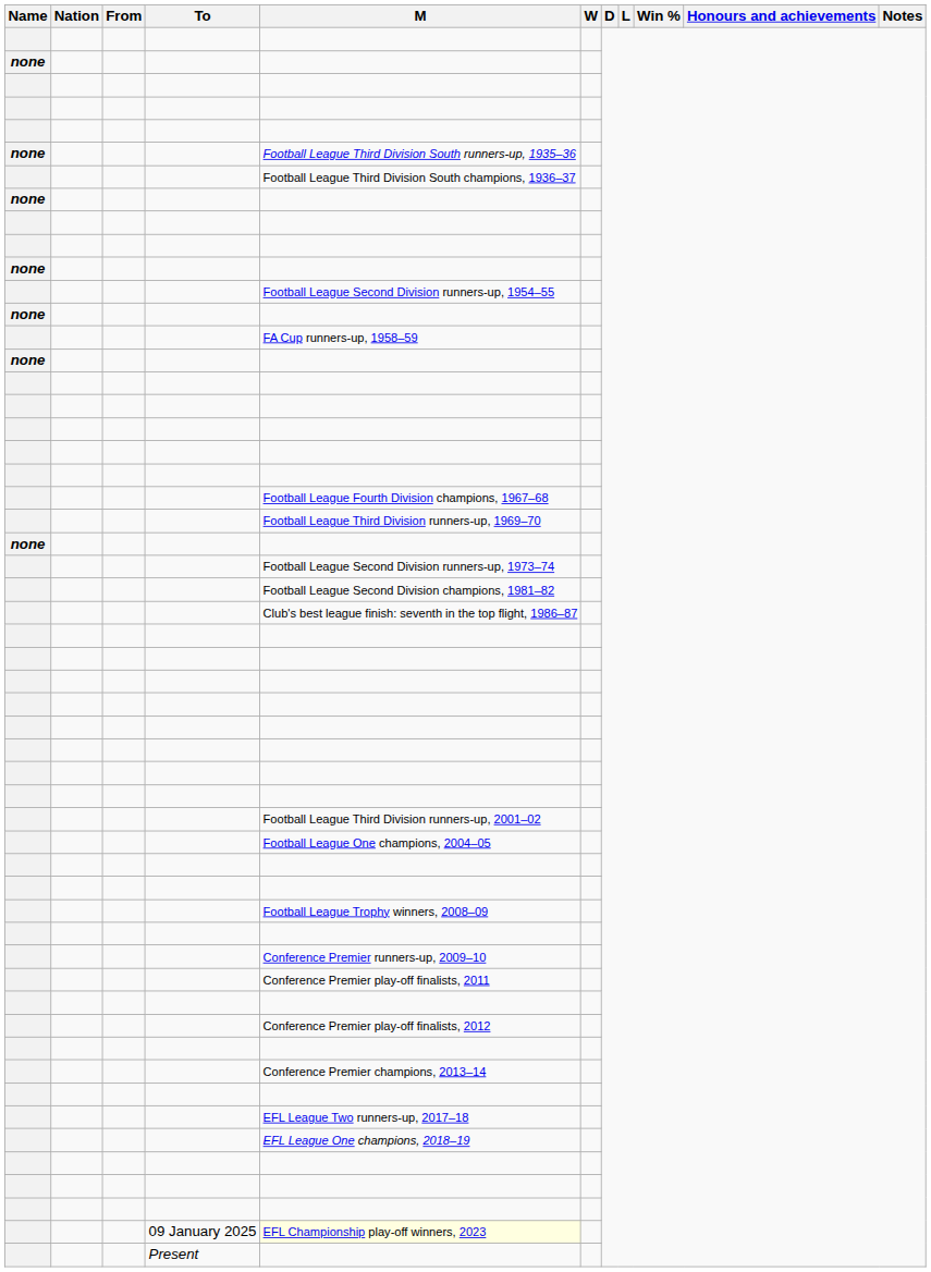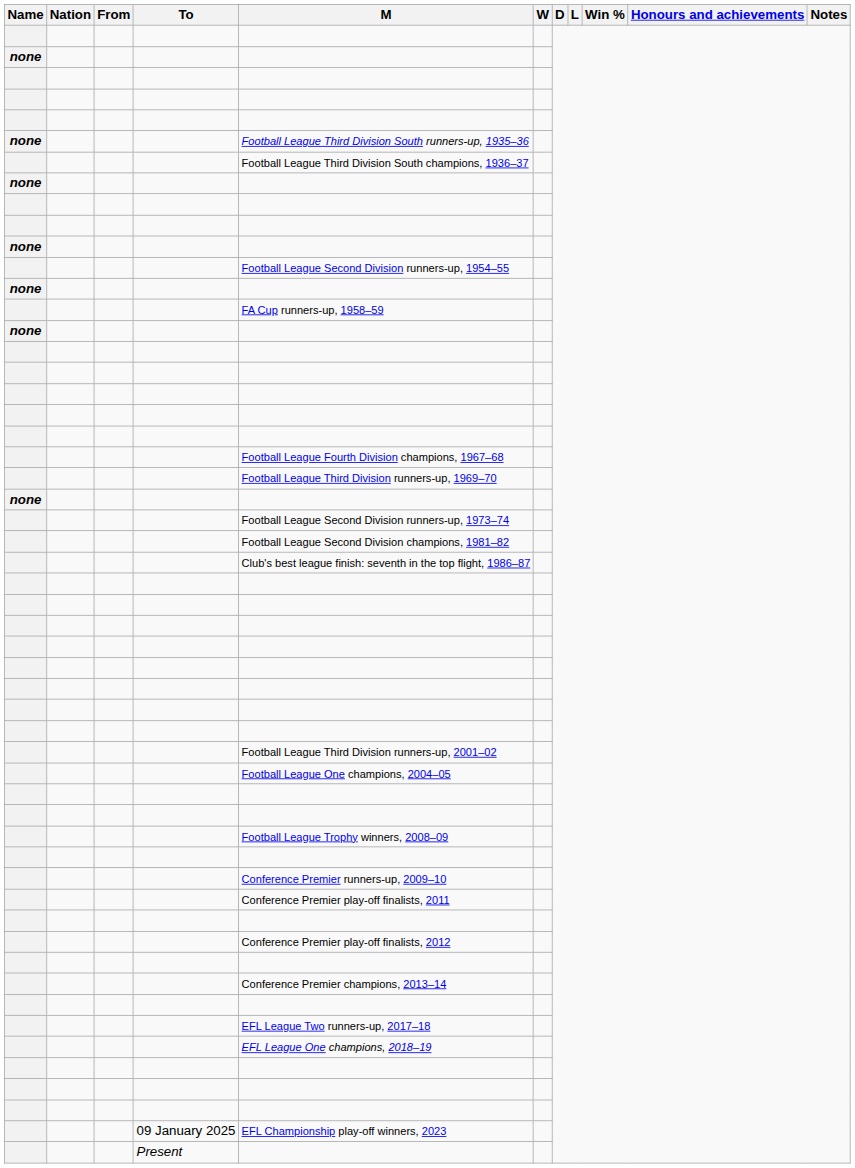 <table class="wikitable sortable plainrowheaders" style="text-align: center">
 <tr>
 <th scope=col>Name</th>
 <th scope=col>Nation</th>
 <th scope=col>From</th>
 <th scope=col class="unsortable">To</th>
 <th scope=col>M</th>
 <th scope=col>W</th>
 <th scope=col>D</th>
 <th scope=col>L</th>
 <th scope=col>Win %</th>
 <th scope=col class="unsortable"><a href='#'>Honours and achievements</a></th>
 <th scope=col class="unsortable">Notes</th>
 </tr>
 <tr>
 <th align=left scope=row></th>
 <td align=left></td>
 <td align=left></td>
 <td align=left><br></td>
 <td align=left></td>
 <td></td>
 </tr>
 <tr class="sortbottom" |- style="font-style:italic">
 <th align=left scope=row>none</th>
 <td align=left></td>
 <td align=left></td>
 <td align=left><br></td>
 <td align=left></td>
 <td></td>
 </tr>
 <tr>
 <th align=left scope=row></th>
 <td align=left></td>
 <td align=left></td>
 <td align=left><br></td>
 <td align=left></td>
 <td></td>
 </tr>
 <tr>
 <th align=left scope=row></th>
 <td align=left></td>
 <td align=left></td>
 <td align=left><br></td>
 <td align=left></td>
 <td></td>
 </tr>
 <tr>
 <th align=left scope=row></th>
 <td align=left></td>
 <td align=left></td>
 <td align=left><br></td>
 <td align=left></td>
 <td></td>
 </tr>
 <tr class="sortbottom" |- style="font-style:italic">
 <th scope=row align=left>none</th>
 <td align=left></td>
 <td align=left></td>
 <td align=left><br></td>
 <td align=left><small><a href='#'>Football League Third Division South</a> runners-up, <a href='#'>1935–36</a></small></td>
 <td></td>
 </tr>
 <tr>
 <th align=left scope=row></th>
 <td align=left></td>
 <td align=left></td>
 <td align=left><br></td>
 <td align=left><small>Football League Third Division South champions, <a href='#'>1936–37</a></small></td>
 <td></td>
 </tr>
 <tr class="sortbottom" |- style="font-style:italic">
 <th align=left scope=row>none</th>
 <td align=left></td>
 <td align=left></td>
 <td align=left><br></td>
 <td align=left></td>
 <td></td>
 </tr>
 <tr>
 <th align=left scope=row></th>
 <td align=left></td>
 <td align=left></td>
 <td align=left><br></td>
 <td align=left></td>
 <td></td>
 </tr>
 <tr>
 <th align=left scope=row></th>
 <td align=left></td>
 <td align=left></td>
 <td align=left><br></td>
 <td align=left></td>
 <td></td>
 </tr>
 <tr class="sortbottom" |- style="font-style:italic">
 <th align=left scope=row>none</th>
 <td align=left></td>
 <td align=left></td>
 <td align=left><br></td>
 <td align=left></td>
 <td></td>
 </tr>
 <tr>
 <th align=left scope=row></th>
 <td align=left></td>
 <td align=left></td>
 <td align=left><br></td>
 <td align=left><small><a href='#'>Football League Second Division</a> runners-up, <a href='#'>1954–55</a></small></td>
 <td></td>
 </tr>
 <tr class="sortbottom" |- style="font-style:italic">
 <th align=left scope=row>none</th>
 <td align=left></td>
 <td align=left></td>
 <td align=left><br></td>
 <td align=left></td>
 <td></td>
 </tr>
 <tr>
 <th align=left scope=row></th>
 <td align=left></td>
 <td align=left></td>
 <td align=left><br></td>
 <td align=left><small><a href='#'>FA Cup</a> runners-up, <a href='#'>1958–59</a></small></td>
 <td></td>
 </tr>
 <tr class="sortbottom" |- style="font-style:italic">
 <th align=left scope=row>none</th>
 <td align=left></td>
 <td align=left></td>
 <td align=left><br></td>
 <td align=left></td>
 <td></td>
 </tr>
 <tr>
 <th align=left scope=row></th>
 <td align=left></td>
 <td align=left></td>
 <td align=left><br></td>
 <td align=left></td>
 <td></td>
 </tr>
 <tr>
 <th align=left scope=row></th>
 <td align=left></td>
 <td align=left></td>
 <td align=left><br></td>
 <td align=left></td>
 <td></td>
 </tr>
 <tr>
 <th align=left scope=row></th>
 <td align=left></td>
 <td align=left></td>
 <td align=left><br></td>
 <td align=left></td>
 <td></td>
 </tr>
 <tr style="font-style:italic">
 <th align=left scope=row></th>
 <td align=left></td>
 <td align=left></td>
 <td align=left><br></td>
 <td align=left></td>
 <td></td>
 </tr>
 <tr>
 <th align=left scope=row></th>
 <td align=left></td>
 <td align=left></td>
 <td align=left><br></td>
 <td align=left></td>
 <td></td>
 </tr>
 <tr>
 <th align=left scope=row></th>
 <td align=left></td>
 <td align=left></td>
 <td align=left><br></td>
 <td align=left><small><a href='#'>Football League Fourth Division</a> champions, <a href='#'>1967–68</a></small></td>
 <td></td>
 </tr>
 <tr>
 <th align=left scope=row></th>
 <td align=left></td>
 <td align=left></td>
 <td align=left><br></td>
 <td align=left><small><a href='#'>Football League Third Division</a> runners-up, <a href='#'>1969–70</a></small></td>
 <td></td>
 </tr>
 <tr class="sortbottom" |- style="font-style:italic">
 <th align=left scope=row>none</th>
 <td align=left></td>
 <td align=left></td>
 <td align=left><br></td>
 <td align=left></td>
 <td></td>
 </tr>
 <tr>
 <th align=left scope=row></th>
 <td align=left></td>
 <td align=left></td>
 <td align=left><br></td>
 <td align=left><small>Football League Second Division runners-up, <a href='#'>1973–74</a></small></td>
 <td></td>
 </tr>
 <tr>
 <th align=left scope=row></th>
 <td align=left></td>
 <td align=left></td>
 <td align=left><br></td>
 <td align=left><small>Football League Second Division champions, <a href='#'>1981–82</a></small></td>
 <td></td>
 </tr>
 <tr>
 <th align=left scope=row></th>
 <td align=left></td>
 <td align=left></td>
 <td align=left><br></td>
 <td align=left><small>Club's best league finish: seventh in the top flight, <a href='#'>1986–87</a></small></td>
 <td></td>
 </tr>
 <tr>
 <th align=left scope=row></th>
 <td align=left></td>
 <td align=left></td>
 <td align=left><br></td>
 <td align=left><small></small></td>
 <td></td>
 </tr>
 <tr style="font-style:italic">
 <th align=left scope=row></th>
 <td align=left></td>
 <td align=left></td>
 <td align=left><br></td>
 <td align=left></td>
 <td></td>
 </tr>
 <tr>
 <th align=left scope=row></th>
 <td align=left></td>
 <td align=left></td>
 <td align=left><br></td>
 <td align=left></td>
 <td></td>
 </tr>
 <tr>
 <th align=left scope=row></th>
 <td align=left></td>
 <td align=left></td>
 <td align=left><br></td>
 <td align=left></td>
 <td></td>
 </tr>
 <tr>
 <th align=left scope=row></th>
 <td align=left></td>
 <td align=left></td>
 <td align=left><br></td>
 <td align=left></td>
 <td></td>
 </tr>
 <tr>
 <th align=left scope=row></th>
 <td align=left></td>
 <td align=left></td>
 <td align=left><br></td>
 <td align=left></td>
 <td></td>
 </tr>
 <tr>
 <th align=left scope=row></th>
 <td align=left></td>
 <td align=left></td>
 <td align=left><br></td>
 <td align=left></td>
 <td></td>
 </tr>
 <tr>
 <th align=left scope=row></th>
 <td align=left></td>
 <td align=left></td>
 <td align=left><br></td>
 <td align=left></td>
 <td></td>
 </tr>
 <tr>
 <th align=left scope=row></th>
 <td align=left></td>
 <td align=left></td>
 <td align=left><br></td>
 <td align=left><small>Football League Third Division runners-up, <a href='#'>2001–02</a></small></td>
 <td></td>
 </tr>
 <tr>
 <th align=left scope=row></th>
 <td align=left></td>
 <td align=left></td>
 <td align=left><br></td>
 <td align=left><small><a href='#'>Football League One</a> champions, <a href='#'>2004–05</a></small></td>
 <td></td>
 </tr>
 <tr style="font-style:italic">
 <th align=left scope=row></th>
 <td align=left></td>
 <td align=left></td>
 <td align=left><br></td>
 <td align=left></td>
 <td></td>
 </tr>
 <tr>
 <th align=left scope=row></th>
 <td align=left></td>
 <td align=left></td>
 <td align=left><br></td>
 <td align=left></td>
 <td></td>
 </tr>
 <tr>
 <th align=left scope=row></th>
 <td align=left></td>
 <td align=left></td>
 <td align=left><br></td>
 <td align=left><small><a href='#'>Football League Trophy</a> winners, <a href='#'>2008–09</a></small></td>
 <td></td>
 </tr>
 <tr style="font-style:italic">
 <th align=left scope=row></th>
 <td align=left></td>
 <td align=left></td>
 <td align=left><br></td>
 <td align=left></td>
 <td></td>
 </tr>
 <tr>
 <th align=left scope=row></th>
 <td align=left></td>
 <td align=left></td>
 <td align=left><br></td>
 <td align=left><small><a href='#'>Conference Premier</a> runners-up, <a href='#'>2009–10</a></small></td>
 <td></td>
 </tr>
 <tr>
 <th align=left scope=row></th>
 <td align=left></td>
 <td align=left></td>
 <td align=left><br></td>
 <td align=left><small>Conference Premier play-off finalists, <a href='#'>2011</a></small></td>
 <td></td>
 </tr>
 <tr style="font-style:italic">
 <th align=left scope=row></th>
 <td align=left></td>
 <td align=left></td>
 <td align=left><br></td>
 <td align=left></td>
 <td></td>
 </tr>
 <tr>
 <th align=left scope=row></th>
 <td align=left></td>
 <td align=left></td>
 <td align=left><br></td>
 <td align=left><small>Conference Premier play-off finalists, <a href='#'>2012</a></small></td>
 <td></td>
 </tr>
 <tr style="font-style:italic">
 <th align=left scope=row></th>
 <td align=left></td>
 <td align=left></td>
 <td align=left><br></td>
 <td align=left></td>
 <td></td>
 </tr>
 <tr>
 <th align=left scope=row></th>
 <td align=left></td>
 <td align=left></td>
 <td align=left><br></td>
 <td align=left><small>Conference Premier champions, <a href='#'>2013–14</a></small></td>
 <td></td>
 </tr>
 <tr style="font-style:italic">
 <th align=left scope=row></th>
 <td align=left></td>
 <td align=left></td>
 <td align=left><br></td>
 <td align=left></td>
 <td></td>
 </tr>
 <tr>
 <th align=left scope=row></th>
 <td align=left></td>
 <td align=left></td>
 <td align=left><br></td>
 <td align=left><small><a href='#'>EFL League Two</a> runners-up, <a href='#'>2017–18</a></small></td>
 <td></td>
 </tr>
 <tr style="font-style:italic">
 <th align=left scope=row></th>
 <td align=left></td>
 <td align=left></td>
 <td align=left><br></td>
 <td align=left><small><a href='#'>EFL League One</a> champions, <a href='#'>2018–19</a></small></td>
 <td></td>
 </tr>
 <tr>
 <th align=left scope=row></th>
 <td align=left></td>
 <td align=left></td>
 <td align=left><br></td>
 <td align=left></td>
 <td></td>
 </tr>
 <tr style="font-style:italic">
 <th align=left scope=row></th>
 <td align=left></td>
 <td align=left></td>
 <td align=left><br></td>
 <td align=left></td>
 <td></td>
 </tr>
 <tr>
 <th align=left scope=row></th>
 <td align=left></td>
 <td align=left></td>
 <td align=left><br></td>
 <td align=left></td>
 <td></td>
 </tr>
 <tr>
 <th align=left scope=row></th>
 <td align=left></td>
 <td align=left></td>
 <td align=left>09 January 2025<br></td>
-<td align=left style="background: lightyellow;"><small><a href='#'>EFL Championship</a> play-off winners, <a href='#'>2023</a></small></td>
+<td align=left><small><a href='#'>EFL Championship</a> play-off winners, <a href='#'>2023</a></small></td>
 <td></td>
 </tr>
 <tr>
 <th align=left scope=row><strong></strong></th>
 <td align=left></td>
 <td align=left></td>
 <td align=left><em>Present</em><br></td>
 <td align=left><small></small></td>
 <td></td>
 </tr>
 </table>
